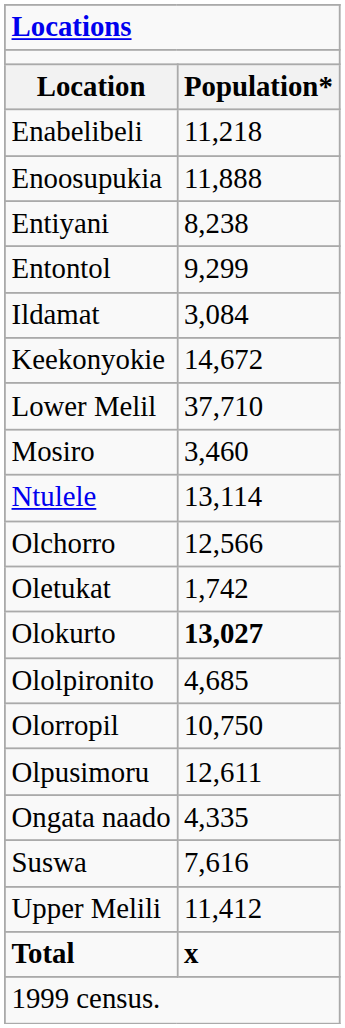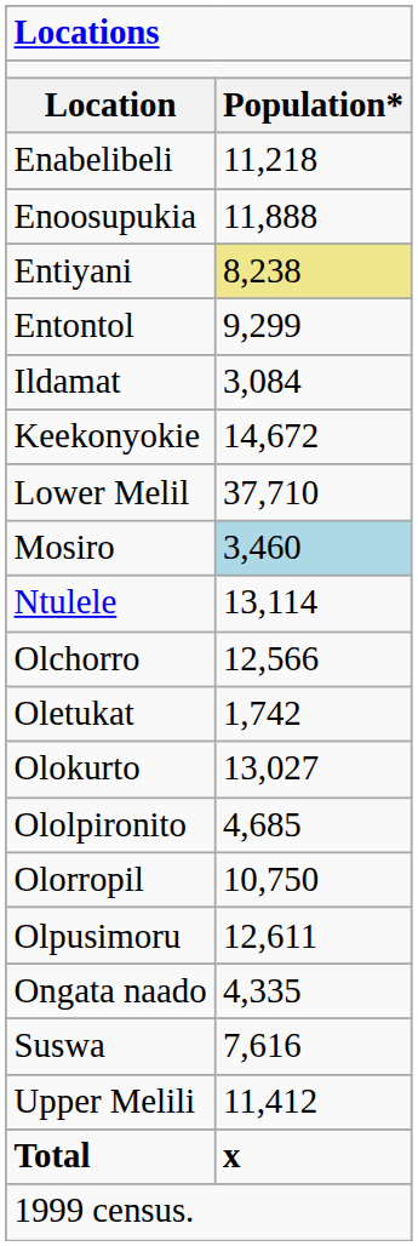 <table class="wikitable">
 <tr>
 <td colspan="2"><strong><a href='#'>Locations</a></strong></td>
 </tr>
 <tr>
 <td colspan="2"></td>
 </tr>
 <tr>
 <th>Location</th>
 <th>Population*</th>
 </tr>
 <tr>
 <td>Enabelibeli</td>
 <td>11,218</td>
 </tr>
 <tr>
 <td>Enoosupukia</td>
 <td>11,888</td>
 </tr>
 <tr>
 <td>Entiyani</td>
-<td>8,238</td>
+<td style="background: khaki;">8,238</td>
 </tr>
 <tr>
 <td>Entontol</td>
 <td>9,299</td>
 </tr>
 <tr>
 <td>Ildamat</td>
 <td>3,084</td>
 </tr>
 <tr>
 <td>Keekonyokie</td>
 <td>14,672</td>
 </tr>
 <tr>
 <td>Lower Melil</td>
 <td>37,710</td>
 </tr>
 <tr>
 <td>Mosiro</td>
-<td>3,460</td>
+<td style="background: lightblue;">3,460</td>
 </tr>
 <tr>
 <td><a href='#'>Ntulele</a></td>
 <td>13,114</td>
 </tr>
 <tr>
 <td>Olchorro</td>
 <td>12,566</td>
 </tr>
 <tr>
 <td>Oletukat</td>
 <td>1,742</td>
 </tr>
 <tr>
 <td>Olokurto</td>
-<td><strong>13,027</strong></td>
+<td>13,027</td>
 </tr>
 <tr>
 <td>Ololpironito</td>
 <td>4,685</td>
 </tr>
 <tr>
 <td>Olorropil</td>
 <td>10,750</td>
 </tr>
 <tr>
 <td>Olpusimoru</td>
 <td>12,611</td>
 </tr>
 <tr>
 <td>Ongata naado</td>
 <td>4,335</td>
 </tr>
 <tr>
 <td>Suswa</td>
 <td>7,616</td>
 </tr>
 <tr>
 <td>Upper Melili</td>
 <td>11,412</td>
 </tr>
 <tr>
 <td><strong>Total</strong></td>
 <td><strong>x</strong></td>
 </tr>
 <tr>
 <td colspan="2">1999 census.</td>
 </tr>
 </table>
